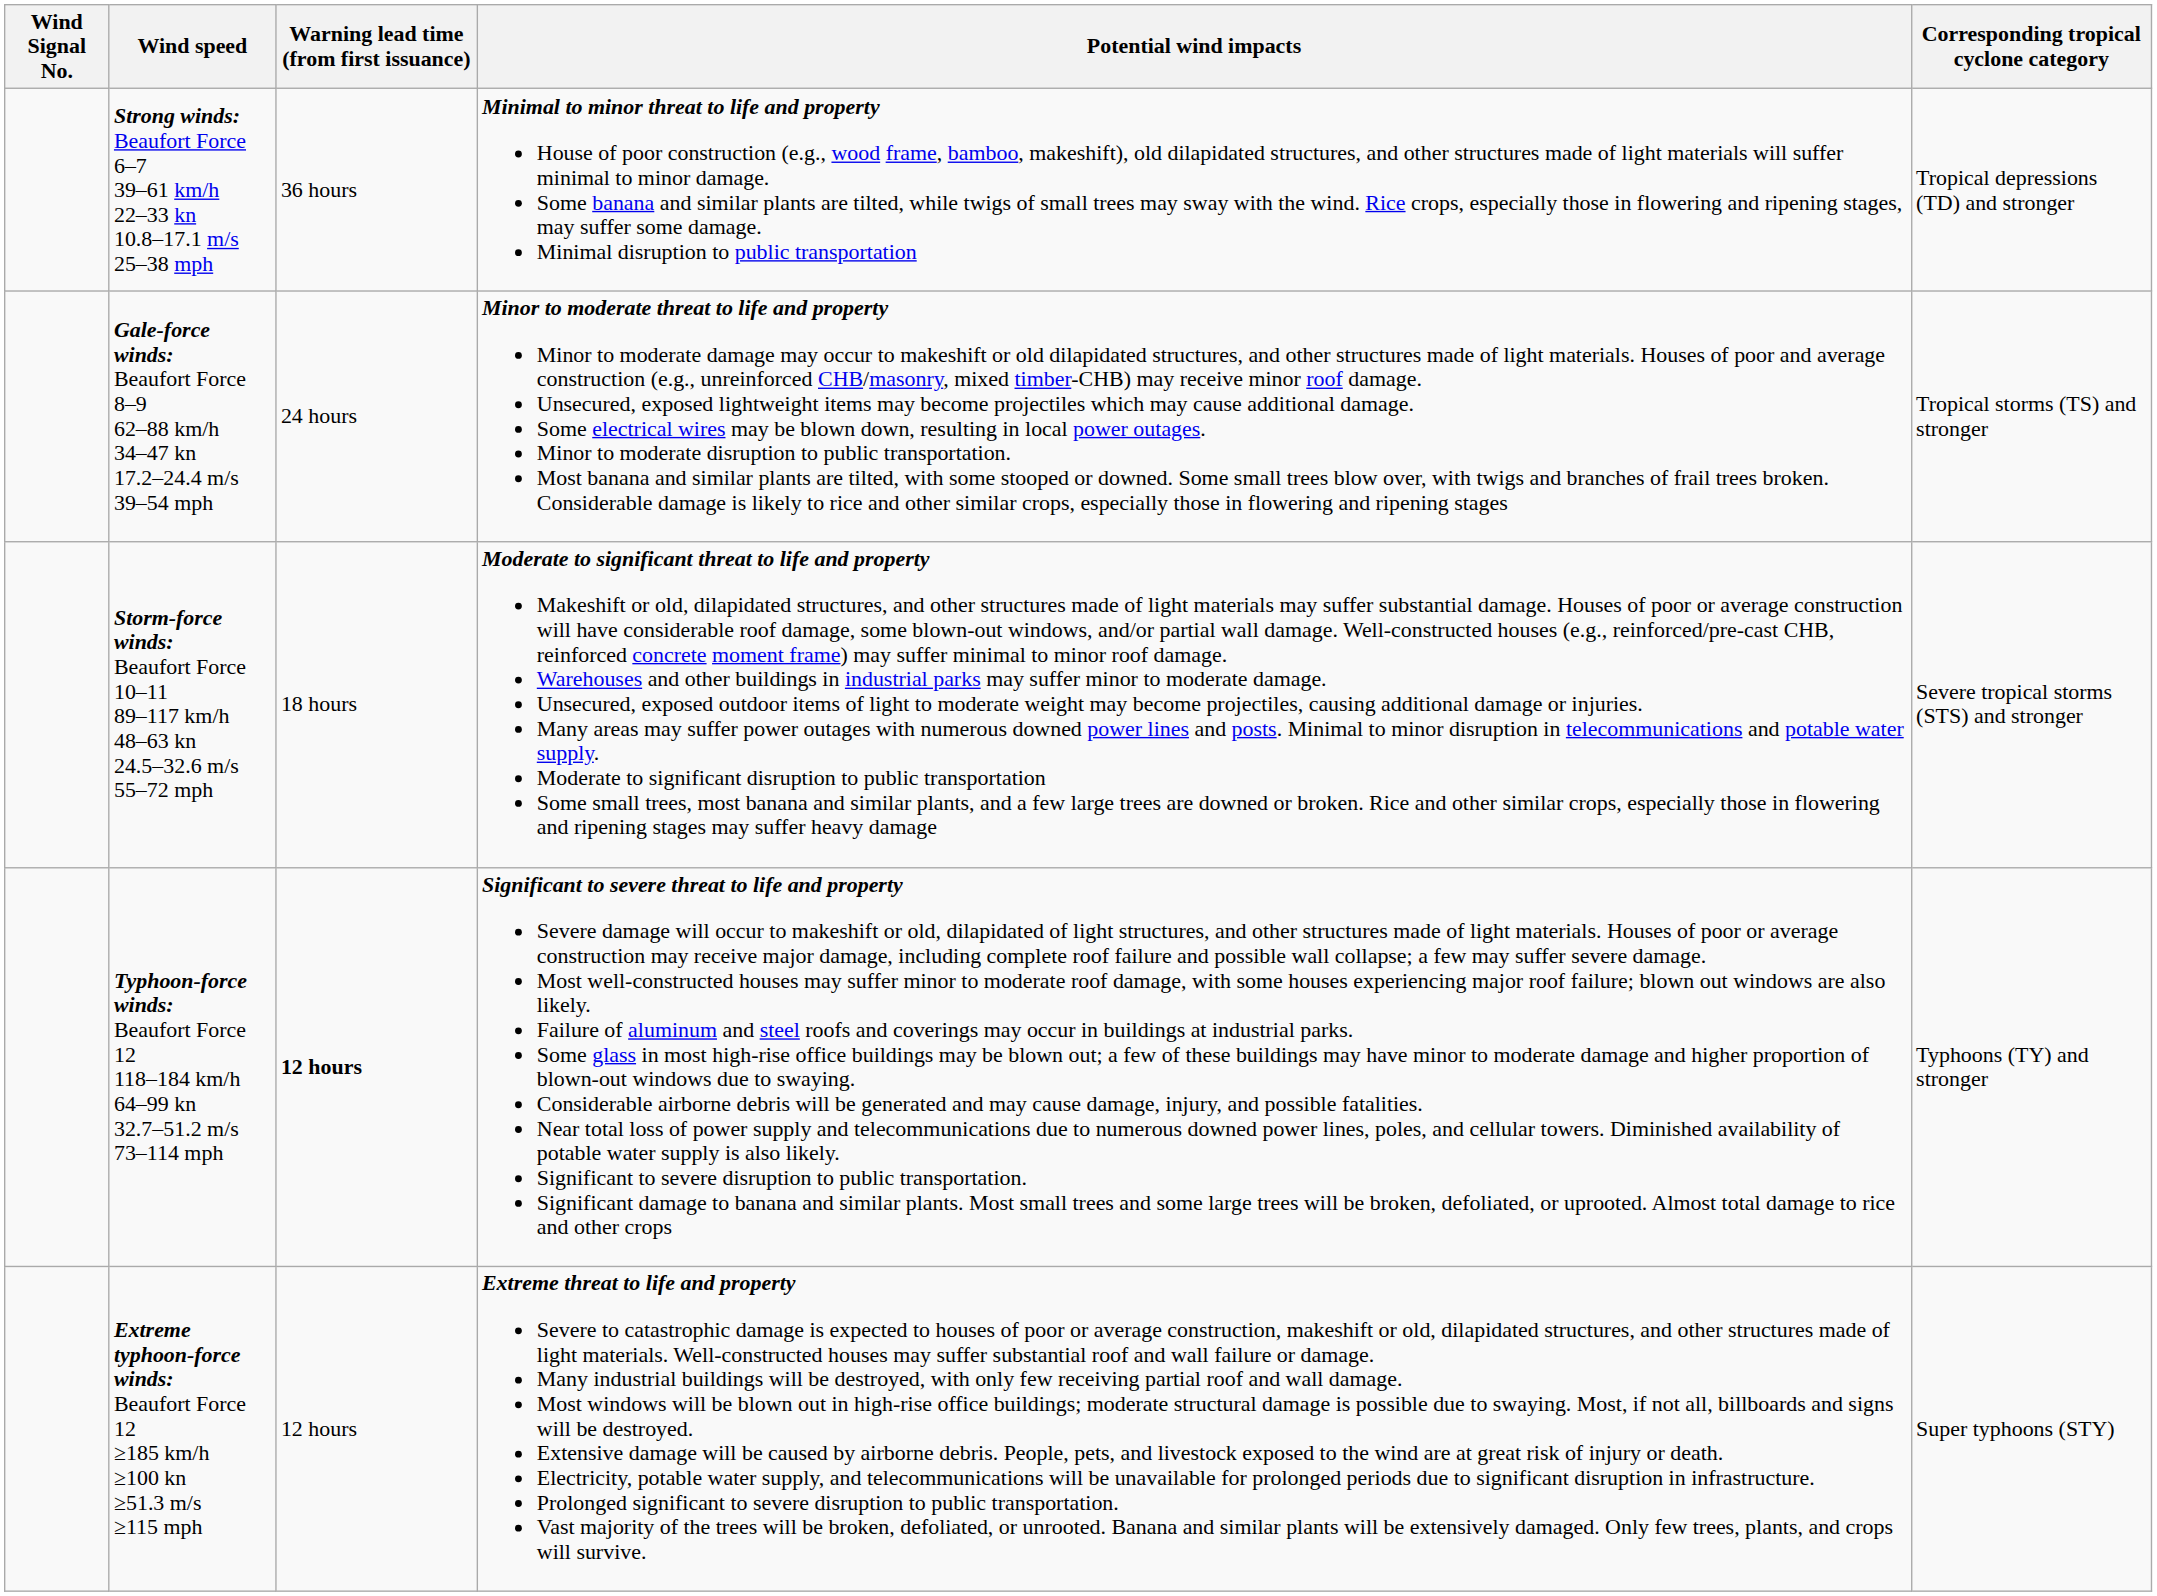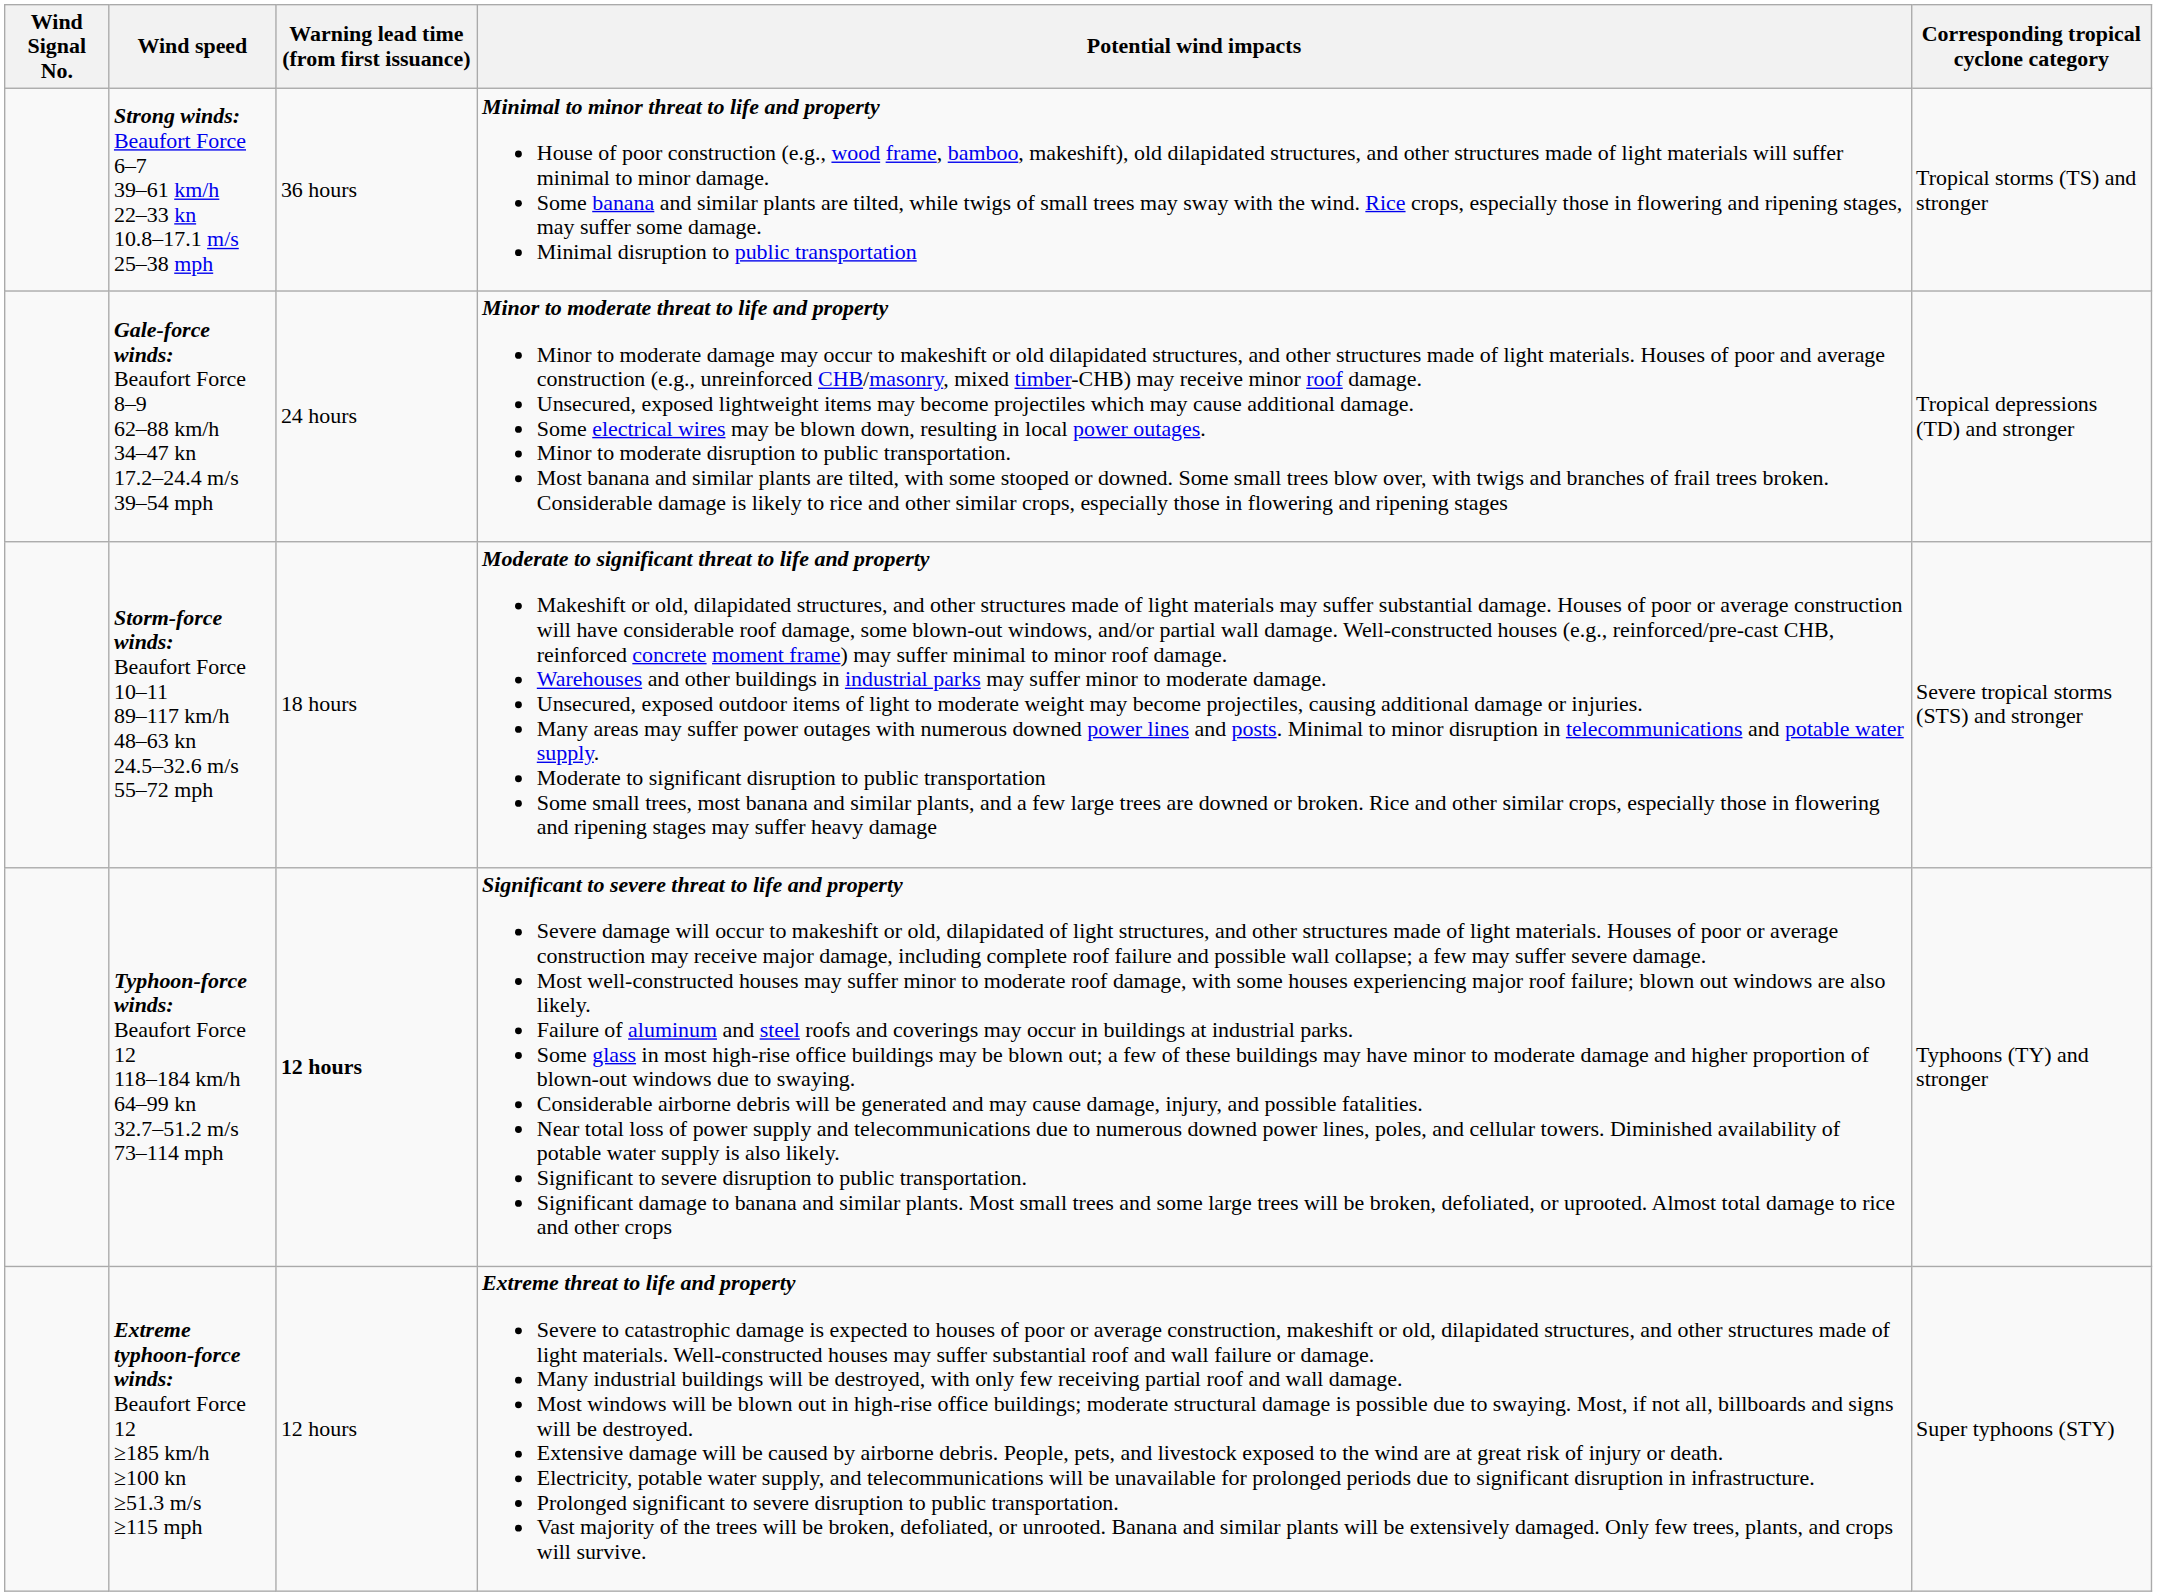 <table class="wikitable">
 <tr>
 <th>Wind Signal No.</th>
 <th>Wind speed</th>
 <th>Warning lead time (from first issuance)</th>
 <th>Potential wind impacts</th>
 <th>Corresponding tropical cyclone category</th>
 </tr>
 <tr>
 <td></td>
 <td><strong><em>Strong winds:</em></strong><br><a href='#'>Beaufort Force</a> 6–7<br>39–61 <a href='#'>km/h</a><br>22–33 <a href='#'>kn</a><br>10.8–17.1 <a href='#'>m/s</a><br>25–38 <a href='#'>mph</a></td>
 <td>36 hours</td>
 <td><strong><em>Minimal to minor threat to life and property</em></strong><br><ul><li>House of poor construction (e.g., <a href='#'>wood</a> <a href='#'>frame</a>, <a href='#'>bamboo</a>, makeshift), old dilapidated structures, and other structures made of light materials will suffer minimal to minor damage.</li><li>Some <a href='#'>banana</a> and similar plants are tilted, while twigs of small trees may sway with the wind. <a href='#'>Rice</a> crops, especially those in flowering and ripening stages, may suffer some damage.</li><li>Minimal disruption to <a href='#'>public transportation</a></li></ul></td>
-<td>Tropical depressions (TD) and stronger</td>
+<td>Tropical storms (TS) and stronger</td>
 </tr>
 <tr>
 <td></td>
 <td><strong><em>Gale-force winds:</em></strong><br>Beaufort Force 8–9<br>62–88 km/h<br>34–47 kn<br>17.2–24.4 m/s<br>39–54 mph</td>
 <td>24 hours</td>
 <td><strong><em>Minor to moderate threat to life and property</em></strong><br><ul><li>Minor to moderate damage may occur to makeshift or old dilapidated structures, and other structures made of light materials. Houses of poor and average construction (e.g., unreinforced <a href='#'>CHB</a>/<a href='#'>masonry</a>, mixed <a href='#'>timber</a>-CHB) may receive minor <a href='#'>roof</a> damage.</li><li>Unsecured, exposed lightweight items may become projectiles which may cause additional damage.</li><li>Some <a href='#'>electrical wires</a> may be blown down, resulting in local <a href='#'>power outages</a>.</li><li>Minor to moderate disruption to public transportation.</li><li>Most banana and similar plants are tilted, with some stooped or downed. Some small trees blow over, with twigs and branches of frail trees broken. Considerable damage is likely to rice and other similar crops, especially those in flowering and ripening stages</li></ul></td>
-<td>Tropical storms (TS) and stronger</td>
+<td>Tropical depressions (TD) and stronger</td>
 </tr>
 <tr>
 <td></td>
 <td><strong><em>Storm-force winds:</em></strong><br>Beaufort Force 10–11<br>89–117 km/h<br>48–63 kn<br>24.5–32.6 m/s<br>55–72 mph</td>
 <td>18 hours</td>
 <td><strong><em>Moderate to significant threat to life and property</em></strong><br><ul><li>Makeshift or old, dilapidated structures, and other structures made of light materials may suffer substantial damage. Houses of poor or average construction will have considerable roof damage, some blown-out windows, and/or partial wall damage. Well-constructed houses (e.g., reinforced/pre-cast CHB, reinforced <a href='#'>concrete</a> <a href='#'>moment frame</a>) may suffer minimal to minor roof damage.</li><li><a href='#'>Warehouses</a> and other buildings in <a href='#'>industrial parks</a> may suffer minor to moderate damage.</li><li>Unsecured, exposed outdoor items of light to moderate weight may become projectiles, causing additional damage or injuries.</li><li>Many areas may suffer power outages with numerous downed <a href='#'>power lines</a> and <a href='#'>posts</a>. Minimal to minor disruption in <a href='#'>telecommunications</a> and <a href='#'>potable water supply</a>.</li><li>Moderate to significant disruption to public transportation</li><li>Some small trees, most banana and similar plants, and a few large trees are downed or broken. Rice and other similar crops, especially those in flowering and ripening stages may suffer heavy damage</li></ul></td>
 <td>Severe tropical storms (STS) and stronger</td>
 </tr>
 <tr>
 <td></td>
 <td><strong><em>Typhoon-force winds:</em></strong><br>Beaufort Force 12<br>118–184 km/h<br>64–99 kn<br>32.7–51.2 m/s<br>73–114 mph</td>
 <td><strong>12 hours</strong></td>
 <td><strong><em>Significant to severe threat to life and property</em></strong><br><ul><li>Severe damage will occur to makeshift or old, dilapidated of light structures, and other structures made of light materials. Houses of poor or average construction may receive major damage, including complete roof failure and possible wall collapse; a few may suffer severe damage.</li><li>Most well-constructed houses may suffer minor to moderate roof damage, with some houses experiencing major roof failure; blown out windows are also likely.</li><li>Failure of <a href='#'>aluminum</a> and <a href='#'>steel</a> roofs and coverings may occur in buildings at industrial parks.</li><li>Some <a href='#'>glass</a> in most high-rise office buildings may be blown out; a few of these buildings may have minor to moderate damage and higher proportion of blown-out windows due to swaying.</li><li>Considerable airborne debris will be generated and may cause damage, injury, and possible fatalities.</li><li>Near total loss of power supply and telecommunications due to numerous downed power lines, poles, and cellular towers. Diminished availability of potable water supply is also likely.</li><li>Significant to severe disruption to public transportation.</li><li>Significant damage to banana and similar plants. Most small trees and some large trees will be broken, defoliated, or uprooted. Almost total damage to rice and other crops</li></ul></td>
 <td>Typhoons (TY) and stronger</td>
 </tr>
 <tr>
 <td></td>
 <td><strong><em>Extreme typhoon-force winds:</em></strong><br>Beaufort Force 12<br>≥185 km/h<br>≥100 kn<br>≥51.3 m/s<br>≥115 mph</td>
 <td>12 hours</td>
 <td><strong><em>Extreme threat to life and property</em></strong><br><ul><li>Severe to catastrophic damage is expected to houses of poor or average construction, makeshift or old, dilapidated structures, and other structures made of light materials. Well-constructed houses may suffer substantial roof and wall failure or damage.</li><li>Many industrial buildings will be destroyed, with only few receiving partial roof and wall damage.</li><li>Most windows will be blown out in high-rise office buildings; moderate structural damage is possible due to swaying. Most, if not all, billboards and signs will be destroyed.</li><li>Extensive damage will be caused by airborne debris. People, pets, and livestock exposed to the wind are at great risk of injury or death.</li><li>Electricity, potable water supply, and telecommunications will be unavailable for prolonged periods due to significant disruption in infrastructure.</li><li>Prolonged significant to severe disruption to public transportation.</li><li>Vast majority of the trees will be broken, defoliated, or unrooted. Banana and similar plants will be extensively damaged. Only few trees, plants, and crops will survive.</li></ul></td>
 <td>Super typhoons (STY)</td>
 </tr>
 </table>
